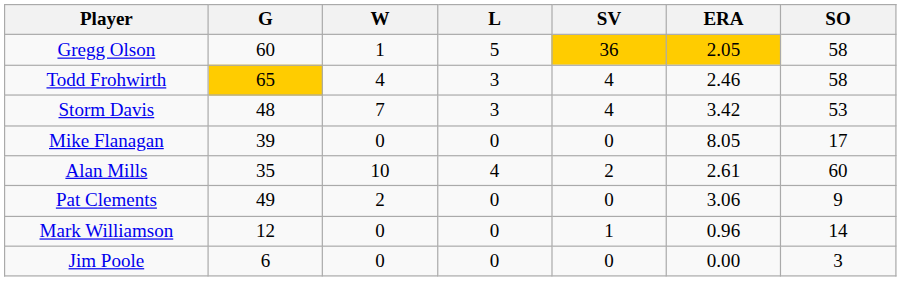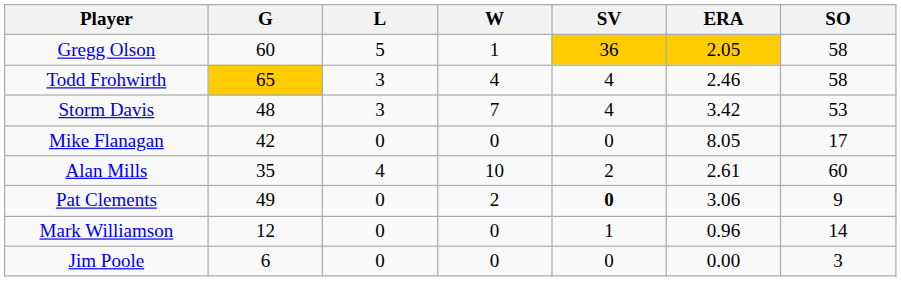 <table class="wikitable sortable">
 <tr>
 <th bgcolor="#DDDDFF" width="16%">Player</th>
 <th bgcolor="#DDDDFF" width="9%">G</th>
+<th bgcolor="#DDDDFF" width="9%">L</th>
 <th bgcolor="#DDDDFF" width="9%">W</th>
-<th bgcolor="#DDDDFF" width="9%">L</th>
 <th bgcolor="#DDDDFF" width="9%">SV</th>
 <th bgcolor="#DDDDFF" width="9%">ERA</th>
 <th bgcolor="#DDDDFF" width="9%">SO</th>
 </tr>
 <tr align="center">
 <td><a href='#'>Gregg Olson</a></td>
 <td>60</td>
+<td>5</td>
 <td>1</td>
-<td>5</td>
 <td style="background:#fc0;">36</td>
 <td style="background:#fc0;">2.05</td>
 <td>58</td>
 </tr>
 <tr align=center>
 <td><a href='#'>Todd Frohwirth</a></td>
 <td style="background:#fc0;">65</td>
+<td>3</td>
 <td>4</td>
-<td>3</td>
 <td>4</td>
 <td>2.46</td>
 <td>58</td>
 </tr>
 <tr align="center">
 <td><a href='#'>Storm Davis</a></td>
 <td>48</td>
+<td>3</td>
 <td>7</td>
-<td>3</td>
 <td>4</td>
 <td>3.42</td>
 <td>53</td>
 </tr>
 <tr align="center">
 <td><a href='#'>Mike Flanagan</a></td>
-<td>39</td>
+<td>42</td>
 <td>0</td>
 <td>0</td>
 <td>0</td>
 <td>8.05</td>
 <td>17</td>
 </tr>
 <tr align="center">
 <td><a href='#'>Alan Mills</a></td>
 <td>35</td>
+<td>4</td>
 <td>10</td>
-<td>4</td>
 <td>2</td>
 <td>2.61</td>
 <td>60</td>
 </tr>
 <tr align="center">
 <td><a href='#'>Pat Clements</a></td>
 <td>49</td>
+<td>0</td>
 <td>2</td>
-<td>0</td>
-<td>0</td>
+<td><strong>0</strong></td>
 <td>3.06</td>
 <td>9</td>
 </tr>
 <tr align="center">
 <td><a href='#'>Mark Williamson</a></td>
 <td>12</td>
 <td>0</td>
 <td>0</td>
 <td>1</td>
 <td>0.96</td>
 <td>14</td>
 </tr>
 <tr align="center">
 <td><a href='#'>Jim Poole</a></td>
 <td>6</td>
 <td>0</td>
 <td>0</td>
 <td>0</td>
 <td>0.00</td>
 <td>3</td>
 </tr>
 </table>
